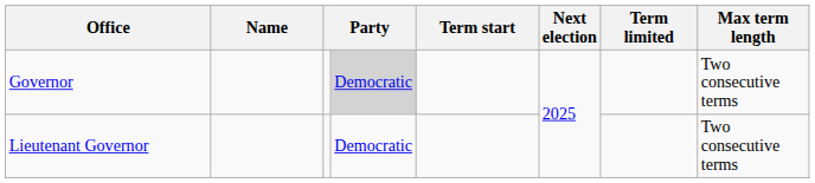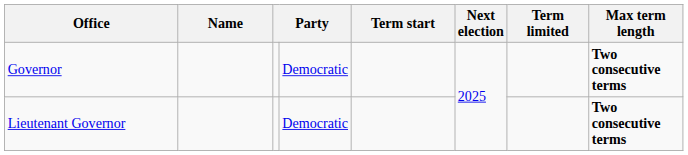 <table class="sortable wikitable">
 <tr>
 <th scope="col" width=190>Office</th>
 <th scope="col" width=100>Name</th>
 <th scope="col" width=75 colspan=2>Party</th>
 <th scope="col" width=110>Term start</th>
 <th scope="col" width=50>Next election</th>
 <th scope="col" width=85>Term limited</th>
 <th scope="col" width=100>Max term length</th>
 </tr>
 <tr>
 <td><a href='#'>Governor</a></td>
 <td></td>
 <td style="background-color:"></td>
-<td style="background: lightgrey;"><a href='#'>Democratic</a></td>
+<td><a href='#'>Democratic</a></td>
 <td></td>
 <td rowspan=2><a href='#'>2025</a></td>
 <td></td>
-<td>Two consecutive terms</td>
+<td><strong>Two consecutive terms</strong></td>
 </tr>
 <tr>
 <td><a href='#'>Lieutenant Governor</a></td>
 <td></td>
 <td style="background-color:"></td>
 <td><a href='#'>Democratic</a></td>
 <td></td>
 <td></td>
-<td>Two consecutive terms</td>
+<td><strong>Two consecutive terms</strong></td>
 </tr>
 </table>
